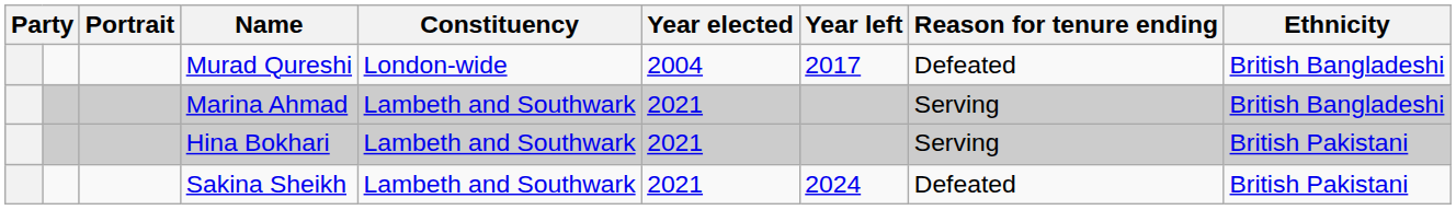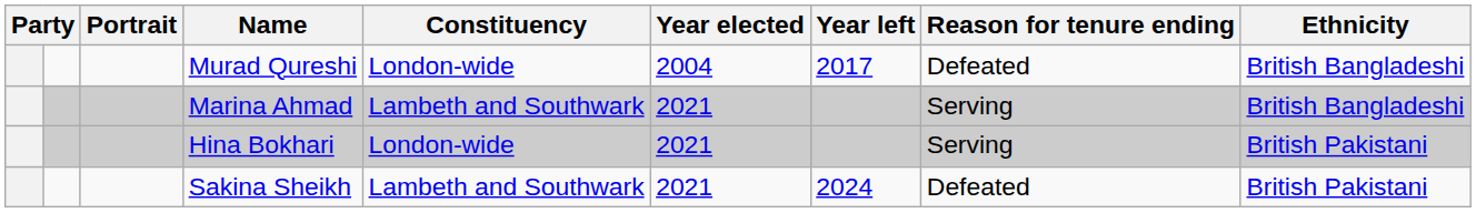 <table class="wikitable sortable">
 <tr>
 <th colspan=2>Party</th>
 <th>Portrait</th>
 <th>Name</th>
 <th>Constituency</th>
 <th>Year elected</th>
 <th>Year left</th>
 <th>Reason for tenure ending</th>
 <th>Ethnicity</th>
 </tr>
 <tr>
 <th style="background-color: "></th>
 <td></td>
 <td></td>
 <td><a href='#'>Murad Qureshi</a></td>
 <td><a href='#'>London-wide</a></td>
 <td><a href='#'>2004</a></td>
 <td><a href='#'>2017</a></td>
 <td>Defeated</td>
 <td><a href='#'>British Bangladeshi</a></td>
 </tr>
 <tr style="background:#ccc;">
 <th style="background-color: "></th>
 <td></td>
 <td></td>
 <td><a href='#'>Marina Ahmad</a></td>
 <td><a href='#'>Lambeth and Southwark</a></td>
 <td><a href='#'>2021</a></td>
 <td></td>
 <td>Serving</td>
 <td><a href='#'>British Bangladeshi</a></td>
 </tr>
 <tr style="background:#ccc;">
 <th style="background-color: "></th>
 <td></td>
 <td></td>
 <td><a href='#'>Hina Bokhari</a></td>
-<td><a href='#'>Lambeth and Southwark</a></td>
+<td><a href='#'>London-wide</a></td>
 <td><a href='#'>2021</a></td>
 <td></td>
 <td>Serving</td>
 <td><a href='#'>British Pakistani</a></td>
 </tr>
 <tr>
 <th style="background-color: "></th>
 <td></td>
 <td></td>
 <td><a href='#'>Sakina Sheikh</a></td>
 <td><a href='#'>Lambeth and Southwark</a></td>
 <td><a href='#'>2021</a></td>
 <td><a href='#'>2024</a></td>
 <td>Defeated</td>
 <td><a href='#'>British Pakistani</a></td>
 </tr>
 </table>
